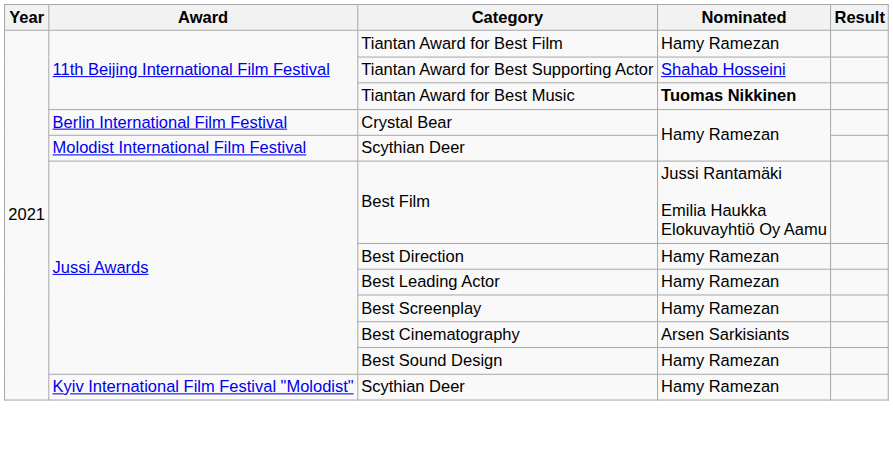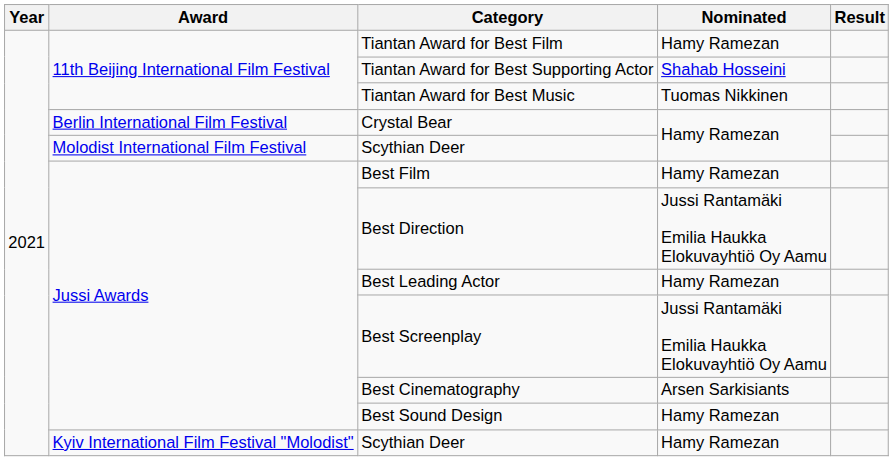 <table class="wikitable">
 <tr>
 <th>Year</th>
 <th>Award </th>
 <th>Category</th>
 <th>Nominated</th>
 <th>Result</th>
 </tr>
 <tr>
 <td rowspan="12">2021</td>
 <td rowspan=3><a href='#'>11th Beijing International Film Festival</a></td>
 <td>Tiantan Award for Best Film</td>
 <td rowspan="1">Hamy Ramezan</td>
 <td></td>
 </tr>
 <tr>
 <td>Tiantan Award for Best Supporting Actor</td>
 <td><a href='#'>Shahab Hosseini</a></td>
 <td></td>
 </tr>
 <tr>
 <td>Tiantan Award for Best Music</td>
-<td><strong>Tuomas Nikkinen</strong></td>
+<td>Tuomas Nikkinen</td>
 <td></td>
 </tr>
 <tr>
 <td><a href='#'>Berlin International Film Festival</a></td>
 <td>Crystal Bear</td>
 <td rowspan="2">Hamy Ramezan</td>
 <td></td>
 </tr>
 <tr>
 <td><a href='#'>Molodist International Film Festival</a></td>
 <td>Scythian Deer</td>
 <td></td>
 </tr>
 <tr>
 <td rowspan="6"><a href='#'>Jussi Awards</a></td>
 <td>Best Film</td>
-<td>Jussi Rantamäki<br><br>Emilia Haukka<br> Elokuvayhtiö Oy Aamu</td>
+<td>Hamy Ramezan</td>
 <td></td>
 </tr>
 <tr>
 <td>Best Direction</td>
-<td>Hamy Ramezan</td>
+<td>Jussi Rantamäki<br><br>Emilia Haukka<br> Elokuvayhtiö Oy Aamu</td>
 <td></td>
 </tr>
 <tr>
 <td>Best Leading Actor</td>
 <td rowspan="1">Hamy Ramezan</td>
 <td></td>
 </tr>
 <tr>
 <td>Best Screenplay</td>
-<td>Hamy Ramezan</td>
+<td>Jussi Rantamäki<br><br>Emilia Haukka<br> Elokuvayhtiö Oy Aamu</td>
 <td></td>
 </tr>
 <tr>
 <td>Best Cinematography</td>
 <td>Arsen Sarkisiants</td>
 <td></td>
 </tr>
 <tr>
 <td>Best Sound Design</td>
 <td>Hamy Ramezan</td>
 <td></td>
 </tr>
 <tr>
 <td><a href='#'>Kyiv International Film Festival "Molodist"</a></td>
 <td>Scythian Deer</td>
 <td>Hamy Ramezan</td>
 <td></td>
 </tr>
 </table>
